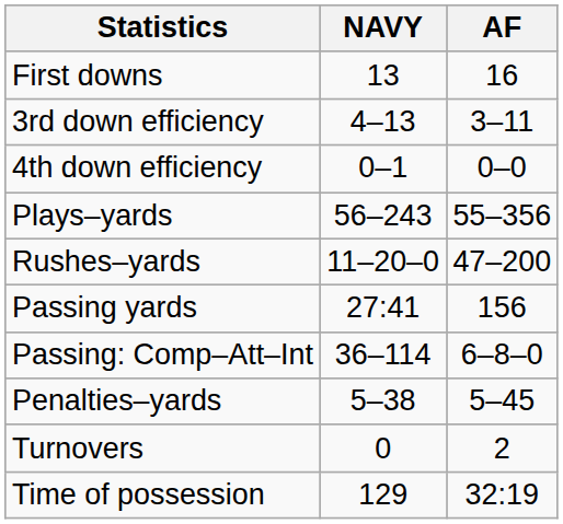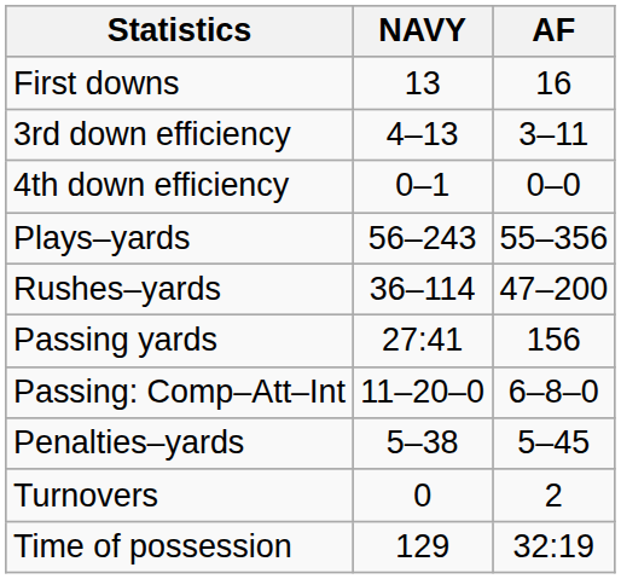 <table class="wikitable">
 <tr>
 <th>Statistics</th>
 <th>NAVY</th>
 <th>AF</th>
 </tr>
 <tr>
 <td>First downs</td>
 <td align=center>13</td>
 <td align=center>16</td>
 </tr>
 <tr>
 <td>3rd down efficiency</td>
 <td align=center>4–13</td>
 <td align=center>3–11</td>
 </tr>
 <tr>
 <td>4th down efficiency</td>
 <td align=center>0–1</td>
 <td align=center>0–0</td>
 </tr>
 <tr>
 <td>Plays–yards</td>
 <td align=center>56–243</td>
 <td align=center>55–356</td>
 </tr>
 <tr>
 <td>Rushes–yards</td>
-<td align=center>11–20–0</td>
+<td align=center>36–114</td>
 <td align=center>47–200</td>
 </tr>
 <tr>
 <td>Passing yards</td>
 <td align=center>27:41</td>
 <td align=center>156</td>
 </tr>
 <tr>
 <td>Passing: Comp–Att–Int</td>
-<td align=center>36–114</td>
+<td align=center>11–20–0</td>
 <td align=center>6–8–0</td>
 </tr>
 <tr>
 <td>Penalties–yards</td>
 <td align=center>5–38</td>
 <td align=center>5–45</td>
 </tr>
 <tr>
 <td>Turnovers</td>
 <td align=center>0</td>
 <td align=center>2</td>
 </tr>
 <tr>
 <td>Time of possession</td>
 <td align=center>129</td>
 <td align=center>32:19</td>
 </tr>
 </table>
